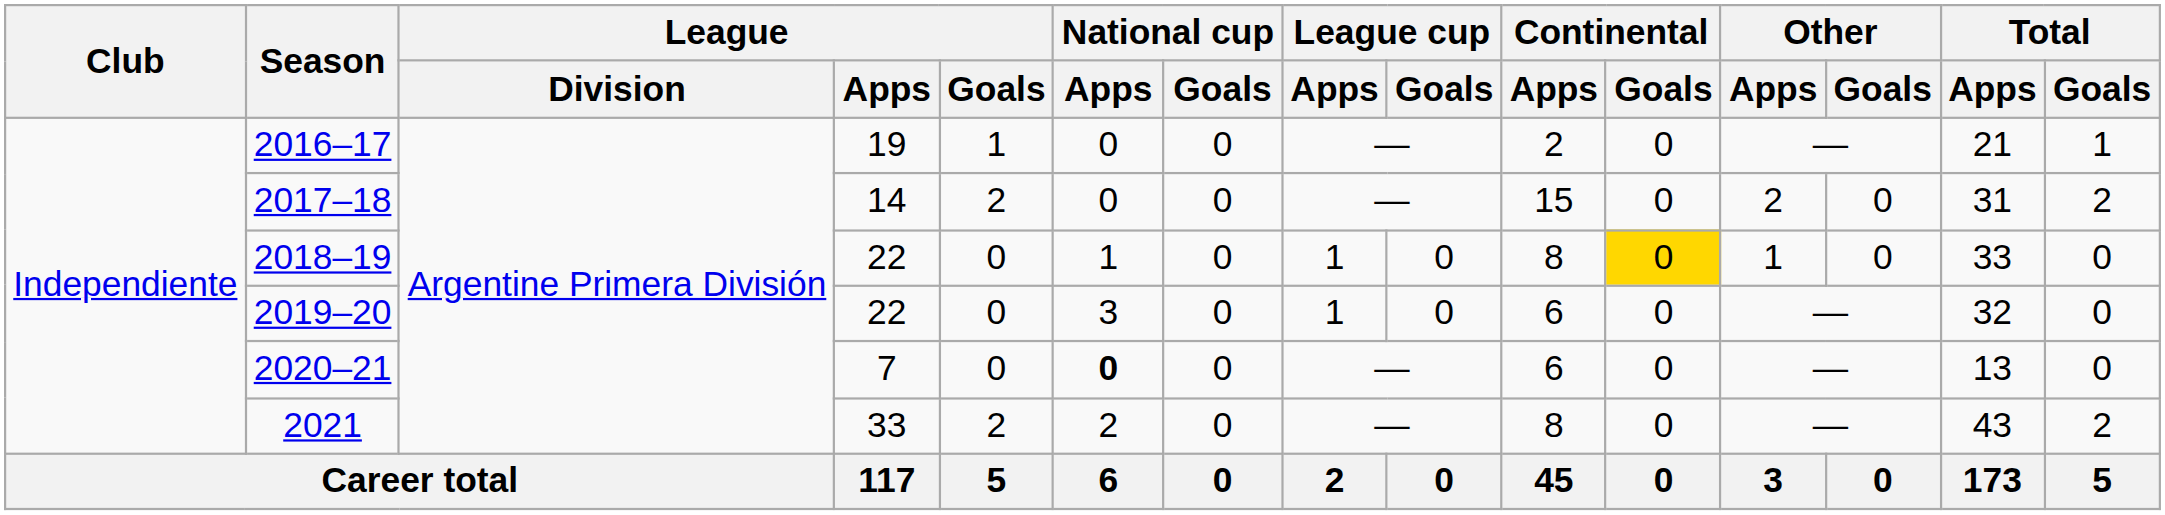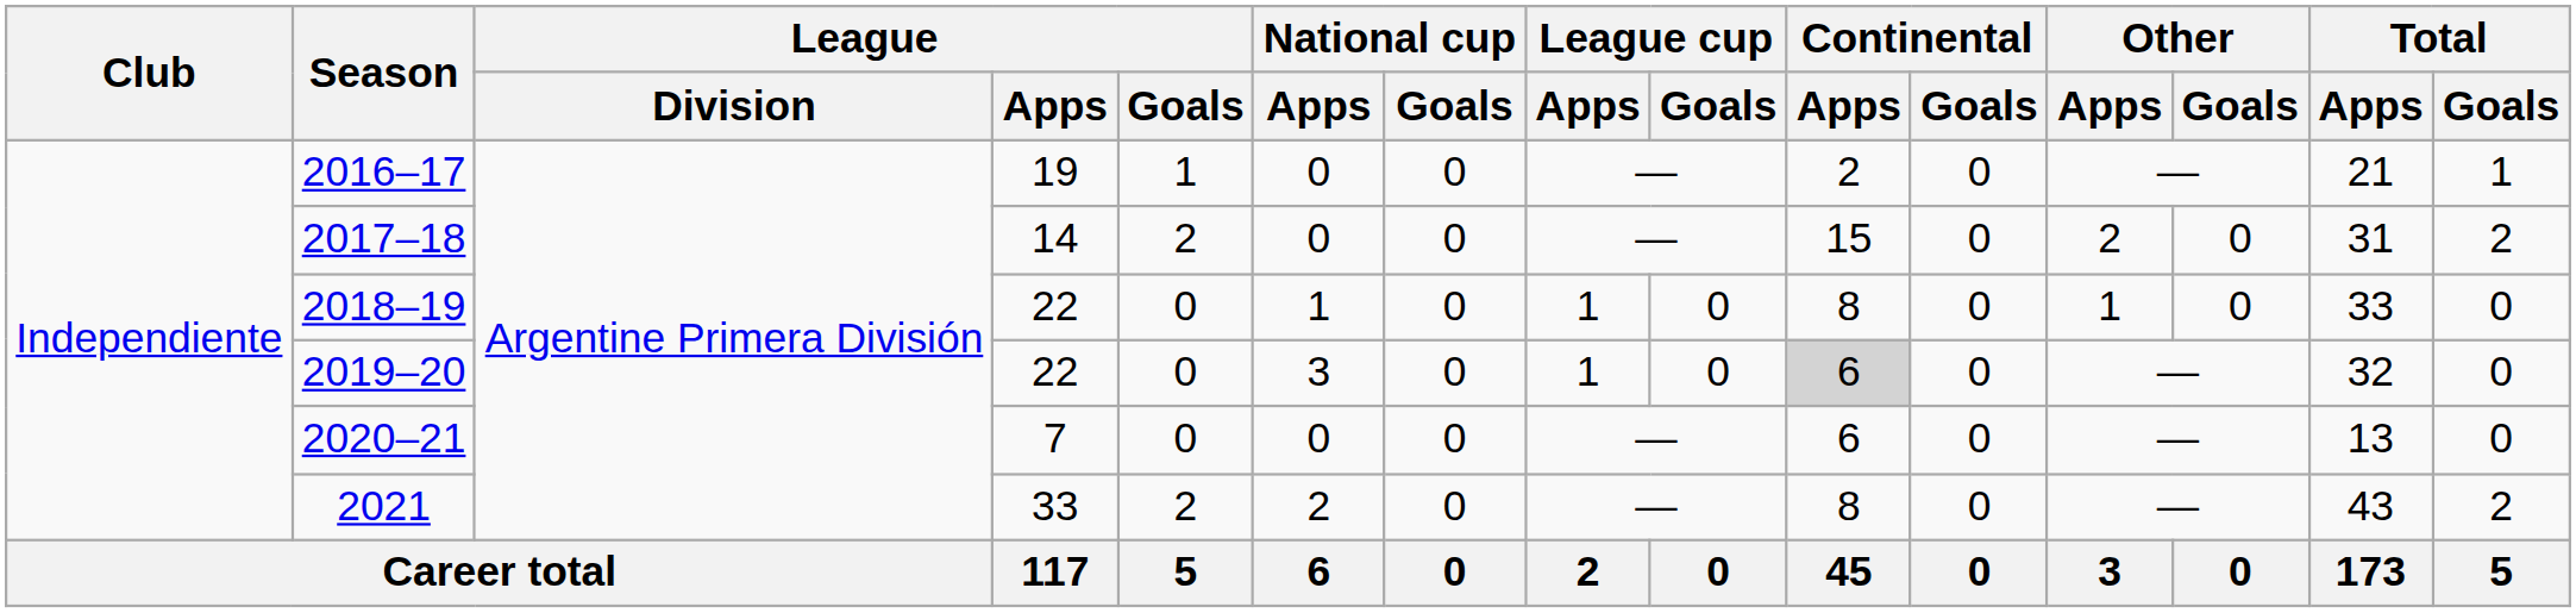 <table class="wikitable" style="text-align:center">
 <tr>
 <th rowspan="2">Club</th>
 <th rowspan="2">Season</th>
 <th colspan="3">League</th>
 <th colspan="2">National cup</th>
 <th colspan="2">League cup</th>
 <th colspan="2">Continental</th>
 <th colspan="2">Other</th>
 <th colspan="2">Total</th>
 </tr>
 <tr>
 <th>Division</th>
 <th>Apps</th>
 <th>Goals</th>
 <th>Apps</th>
 <th>Goals</th>
 <th>Apps</th>
 <th>Goals</th>
 <th>Apps</th>
 <th>Goals</th>
 <th>Apps</th>
 <th>Goals</th>
 <th>Apps</th>
 <th>Goals</th>
 </tr>
 <tr>
 <td rowspan="6"><a href='#'>Independiente</a></td>
 <td><a href='#'>2016–17</a></td>
 <td rowspan="6"><a href='#'>Argentine Primera División</a></td>
 <td>19</td>
 <td>1</td>
 <td>0</td>
 <td>0</td>
 <td colspan="2">—</td>
 <td>2</td>
 <td>0</td>
 <td colspan="2">—</td>
 <td>21</td>
 <td>1</td>
 </tr>
 <tr>
 <td><a href='#'>2017–18</a></td>
 <td>14</td>
 <td>2</td>
 <td>0</td>
 <td>0</td>
 <td colspan="2">—</td>
 <td>15</td>
 <td>0</td>
 <td>2</td>
 <td>0</td>
 <td>31</td>
 <td>2</td>
 </tr>
 <tr>
 <td><a href='#'>2018–19</a></td>
 <td>22</td>
 <td>0</td>
 <td>1</td>
 <td>0</td>
 <td>1</td>
 <td>0</td>
 <td>8</td>
-<td style="background: gold;">0</td>
+<td>0</td>
 <td>1</td>
 <td>0</td>
 <td>33</td>
 <td>0</td>
 </tr>
 <tr>
 <td><a href='#'>2019–20</a></td>
 <td>22</td>
 <td>0</td>
 <td>3</td>
 <td>0</td>
 <td>1</td>
 <td>0</td>
-<td>6</td>
+<td style="background: lightgrey;">6</td>
 <td>0</td>
 <td colspan="2">—</td>
 <td>32</td>
 <td>0</td>
 </tr>
 <tr>
 <td><a href='#'>2020–21</a></td>
 <td>7</td>
 <td>0</td>
-<td><strong>0</strong></td>
+<td>0</td>
 <td>0</td>
 <td colspan="2">—</td>
 <td>6</td>
 <td>0</td>
 <td colspan="2">—</td>
 <td>13</td>
 <td>0</td>
 </tr>
 <tr>
 <td><a href='#'>2021</a></td>
 <td>33</td>
 <td>2</td>
 <td>2</td>
 <td>0</td>
 <td colspan="2">—</td>
 <td>8</td>
 <td>0</td>
 <td colspan="2">—</td>
 <td>43</td>
 <td>2</td>
 </tr>
 <tr>
 <th colspan="3">Career total</th>
 <th>117</th>
 <th>5</th>
 <th>6</th>
 <th>0</th>
 <th>2</th>
 <th>0</th>
 <th>45</th>
 <th>0</th>
 <th>3</th>
 <th>0</th>
 <th>173</th>
 <th>5</th>
 </tr>
 </table>
